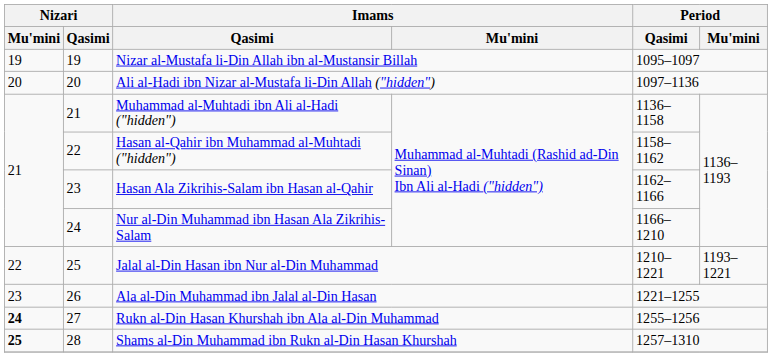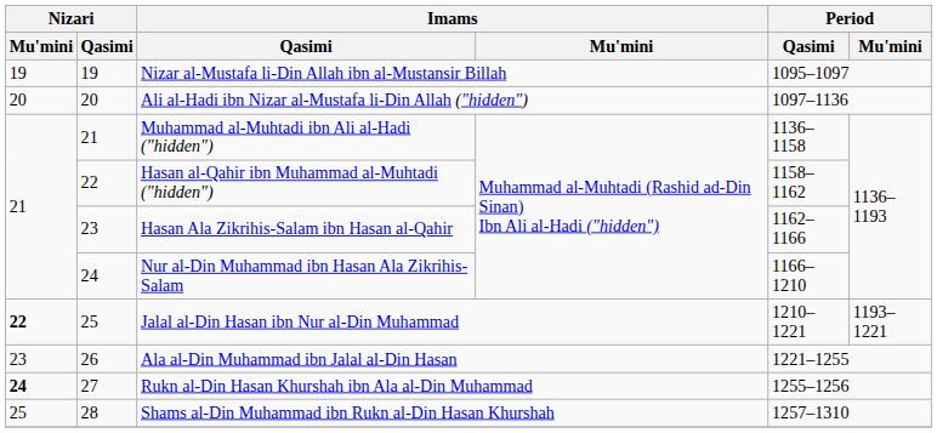 <table class="wikitable">
 <tr>
 <th colspan="2" style="text-align: center">Nizari</th>
 <th colspan="2" style="text-align: center">Imams</th>
 <th colspan="2">Period</th>
 </tr>
 <tr>
 <th>Mu'mini</th>
 <th>Qasimi</th>
 <th>Qasimi</th>
 <th>Mu'mini</th>
 <th>Qasimi</th>
 <th>Mu'mini</th>
 </tr>
 <tr>
 <td>19</td>
 <td>19</td>
 <td colspan="2"><a href='#'>Nizar al-Mustafa li-Din Allah ibn al-Mustansir Billah</a></td>
 <td colspan="2">1095–1097</td>
 </tr>
 <tr>
 <td>20</td>
 <td>20</td>
 <td colspan="2"><a href='#'>Ali al-Hadi ibn Nizar al-Mustafa li-Din Allah</a> <em>(<a href='#'>"hidden"</a>)</em></td>
 <td colspan="2">1097–1136</td>
 </tr>
 <tr>
 <td rowspan="4">21</td>
 <td>21</td>
 <td><a href='#'>Muhammad al-Muhtadi ibn Ali al-Hadi</a> <em>("hidden")</em></td>
 <td rowspan="4"><a href='#'>Muhammad al-Muhtadi (Rashid ad-Din Sinan)</a><br><a href='#'>Ibn Ali al-Hadi <em>("hidden")</em></a></td>
 <td>1136–1158</td>
 <td rowspan="4">1136–1193</td>
 </tr>
 <tr>
 <td>22</td>
 <td><a href='#'>Hasan al-Qahir ibn Muhammad al-Muhtadi</a> <em>("hidden")</em></td>
 <td>1158–1162</td>
 </tr>
 <tr>
 <td>23</td>
 <td><a href='#'>Hasan Ala Zikrihis-Salam ibn Hasan al-Qahir</a></td>
 <td>1162–1166</td>
 </tr>
 <tr>
 <td>24</td>
 <td><a href='#'>Nur al-Din Muhammad ibn Hasan Ala Zikrihis-Salam</a></td>
 <td>1166–1210</td>
 </tr>
 <tr>
-<td>22</td>
+<td><strong>22</strong></td>
 <td>25</td>
 <td colspan="2"><a href='#'>Jalal al-Din Hasan ibn Nur al-Din Muhammad</a></td>
 <td>1210–1221</td>
 <td>1193–1221</td>
 </tr>
 <tr>
 <td>23</td>
 <td>26</td>
 <td colspan="2"><a href='#'>Ala al-Din Muhammad ibn Jalal al-Din Hasan</a></td>
 <td colspan="2">1221–1255</td>
 </tr>
 <tr>
 <td><strong>24</strong></td>
 <td>27</td>
 <td colspan="2"><a href='#'>Rukn al-Din Hasan Khurshah ibn Ala al-Din Muhammad</a></td>
 <td colspan="2">1255–1256</td>
 </tr>
 <tr>
-<td><strong>25</strong></td>
+<td>25</td>
 <td>28</td>
 <td colspan="2"><a href='#'>Shams al-Din Muhammad ibn Rukn al-Din Hasan Khurshah</a></td>
 <td colspan="2">1257–1310</td>
 </tr>
 <tr>
 </tr>
 </table>
